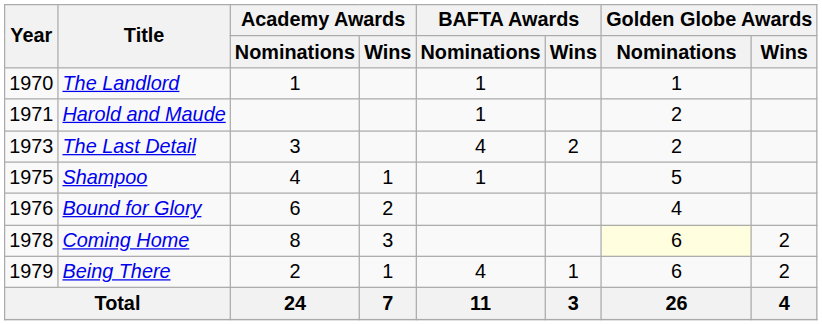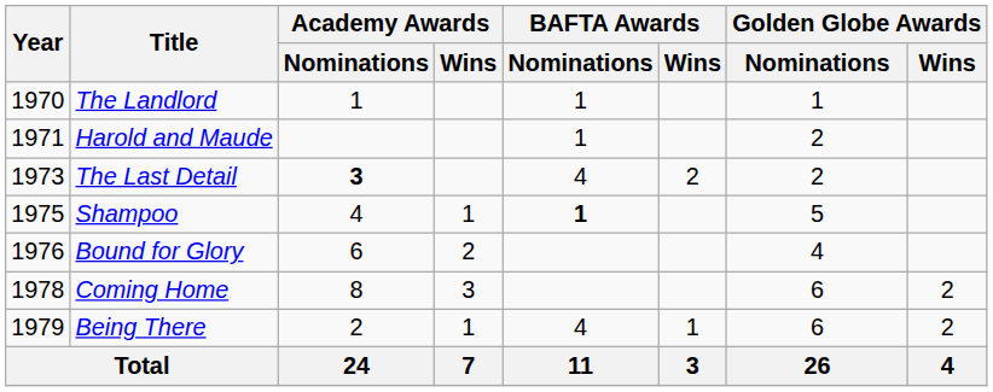 <table class="wikitable">
 <tr>
 <th rowspan="2">Year</th>
 <th rowspan="2">Title</th>
 <th colspan="2"><strong>Academy Awards</strong></th>
 <th colspan="2"><strong>BAFTA Awards</strong></th>
 <th colspan="2"><strong>Golden Globe Awards</strong></th>
 </tr>
 <tr>
 <th>Nominations</th>
 <th>Wins</th>
 <th>Nominations</th>
 <th>Wins</th>
 <th>Nominations</th>
 <th>Wins</th>
 </tr>
 <tr>
 <td>1970</td>
 <td><em><a href='#'>The Landlord</a></em></td>
 <td align=center>1</td>
 <td></td>
 <td align=center>1</td>
 <td></td>
 <td align=center>1</td>
 <td></td>
 </tr>
 <tr>
 <td>1971</td>
 <td><em><a href='#'>Harold and Maude</a></em></td>
 <td></td>
 <td></td>
 <td align=center>1</td>
 <td></td>
 <td align=center>2</td>
 <td></td>
 </tr>
 <tr>
 <td>1973</td>
 <td><em><a href='#'>The Last Detail</a></em></td>
-<td align=center>3</td>
+<td align=center><strong>3</strong></td>
 <td></td>
 <td align=center>4</td>
 <td align=center>2</td>
 <td align=center>2</td>
 <td></td>
 </tr>
 <tr>
 <td>1975</td>
 <td><a href='#'><em>Shampoo</em></a></td>
 <td align=center>4</td>
 <td align=center>1</td>
-<td align=center>1</td>
+<td align=center><strong>1</strong></td>
 <td></td>
 <td align=center>5</td>
 <td></td>
 </tr>
 <tr>
 <td>1976</td>
 <td><a href='#'><em>Bound for Glory</em></a></td>
 <td align=center>6</td>
 <td align=center>2</td>
 <td></td>
 <td></td>
 <td align=center>4</td>
 <td></td>
 </tr>
 <tr>
 <td>1978</td>
 <td><a href='#'><em>Coming Home</em></a></td>
 <td align=center>8</td>
 <td align=center>3</td>
 <td></td>
 <td></td>
-<td align=center style="background: lightyellow;">6</td>
+<td align=center>6</td>
 <td align=center>2</td>
 </tr>
 <tr>
 <td>1979</td>
 <td><em><a href='#'>Being There</a></em></td>
 <td align=center>2</td>
 <td align=center>1</td>
 <td align=center>4</td>
 <td align=center>1</td>
 <td align=center>6</td>
 <td align=center>2</td>
 </tr>
 <tr>
 <th colspan="2"><strong>Total</strong></th>
 <th>24</th>
 <th>7</th>
 <th>11</th>
 <th>3</th>
 <th>26</th>
 <th>4</th>
 </tr>
 <tr>
 </tr>
 </table>
